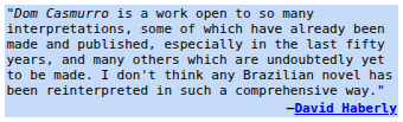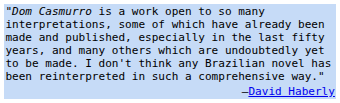 <table class="toccolours" style="float: right; margin-left: 1em; margin-right: 2em; font-size: 85%; background:#c6dbf7; color:black; width:30em; max-width: 25%;" cellspacing="0">
 <tr>
 <td style="text-align: left;">"<em>Dom Casmurro</em> is a work open to so many interpretations, some of which have already been made and published, especially in the last fifty years, and many others which are undoubtedly yet to be made. I don't think any Brazilian novel has been reinterpreted in such a comprehensive way."</td>
 </tr>
 <tr>
-<td style="text-align: right;"><strong>—<a href='#'>David Haberly</a></strong></td>
+<td style="text-align: right;">—<a href='#'>David Haberly</a></td>
 </tr>
 </table>
